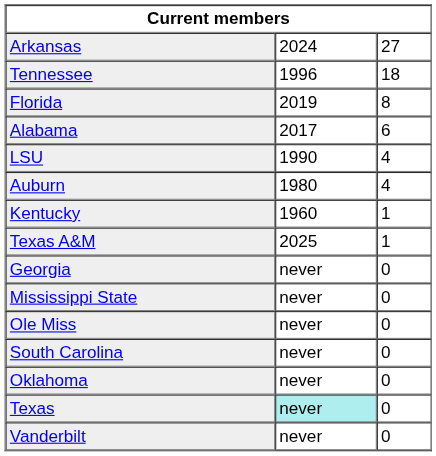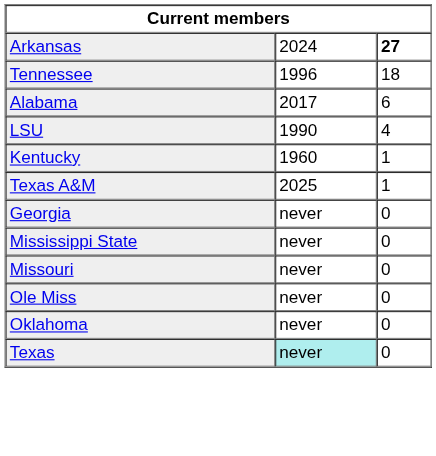 <table border="1" cellpadding="3" cellspacing="0" align="right" width="400px">
 <tr>
 </tr>
 <tr>
 <td colspan=3 align="center"><strong>Current members</strong></td>
 </tr>
 <tr>
 <td bgcolor=#efefef><a href='#'>Arkansas</a></td>
 <td>2024</td>
-<td>27</td>
+<td><strong>27</strong></td>
 </tr>
 <tr>
 <td bgcolor="#efefef"><a href='#'>Tennessee</a></td>
 <td>1996</td>
 <td>18</td>
-</tr>
-<tr>
-<td bgcolor="#efefef"><a href='#'>Florida</a></td>
-<td>2019</td>
-<td>8</td>
 </tr>
 <tr>
 <td bgcolor="#efefef"><a href='#'>Alabama</a></td>
 <td>2017</td>
 <td>6</td>
 </tr>
 <tr>
 <td bgcolor="#efefef"><a href='#'>LSU</a></td>
 <td>1990</td>
-<td>4</td>
-</tr>
-<tr>
-<td bgcolor="#efefef"><a href='#'>Auburn</a></td>
-<td>1980</td>
 <td>4</td>
 </tr>
 <tr>
 <td bgcolor="#efefef"><a href='#'>Kentucky</a></td>
 <td>1960</td>
 <td>1</td>
 </tr>
 <tr>
 <td bgcolor="#efefef"><a href='#'>Texas A&M</a></td>
 <td>2025</td>
 <td>1</td>
 </tr>
 <tr>
 <td bgcolor="#efefef"><a href='#'>Georgia</a></td>
 <td>never</td>
 <td>0</td>
 </tr>
 <tr>
 <td bgcolor="#efefef"><a href='#'>Mississippi State</a></td>
 <td>never</td>
 <td>0</td>
 </tr>
 <tr>
-<td bgcolor="#efefef"><a href='#'>Ole Miss</a></td>
+<td bgcolor="#efefef"><a href='#'>Missouri</a></td>
 <td>never</td>
 <td>0</td>
 </tr>
 <tr>
-<td bgcolor="#efefef"><a href='#'>South Carolina</a></td>
+<td bgcolor="#efefef"><a href='#'>Ole Miss</a></td>
 <td>never</td>
 <td>0</td>
 </tr>
 <tr>
 <td bgcolor="#efefef"><a href='#'>Oklahoma</a></td>
 <td>never</td>
 <td>0</td>
 </tr>
 <tr>
 <td bgcolor="#efefef"><a href='#'>Texas</a></td>
 <td style="background: paleturquoise;">never</td>
 <td>0</td>
 </tr>
-<tr>
-<td bgcolor="#efefef"><a href='#'>Vanderbilt</a></td>
-<td>never</td>
-<td>0</td>
-</tr>
 </table>
